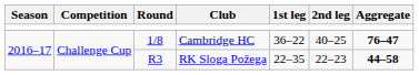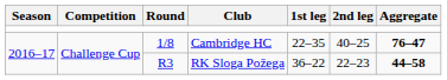 <table class="wikitable">
 <tr>
 <th>Season</th>
 <th>Competition</th>
 <th>Round</th>
 <th>Club</th>
 <th>1st leg</th>
 <th>2nd leg</th>
 <th>Aggregate</th>
 </tr>
 <tr>
 <td colspan="7" bgcolor=white></td>
 </tr>
 <tr>
 <td rowspan="2"><a href='#'>2016–17</a></td>
 <td rowspan="2"><a href='#'>Challenge Cup</a></td>
 <td style="text-align:center;"><a href='#'>1/8</a></td>
 <td> <a href='#'>Cambridge HC</a></td>
-<td style="text-align:center;">36–22</td>
+<td style="text-align:center;">22–35</td>
 <td style="text-align:center;">40–25</td>
 <td style="text-align:center;"><strong>76–47</strong></td>
 </tr>
 <tr>
 <td style="text-align:center;"><a href='#'>R3</a></td>
 <td> <a href='#'>RK Sloga Požega</a></td>
-<td style="text-align:center;">22–35</td>
+<td style="text-align:center;">36–22</td>
 <td style="text-align:center;">22–23</td>
 <td style="text-align:center;"><strong>44–58</strong></td>
 </tr>
 </table>
